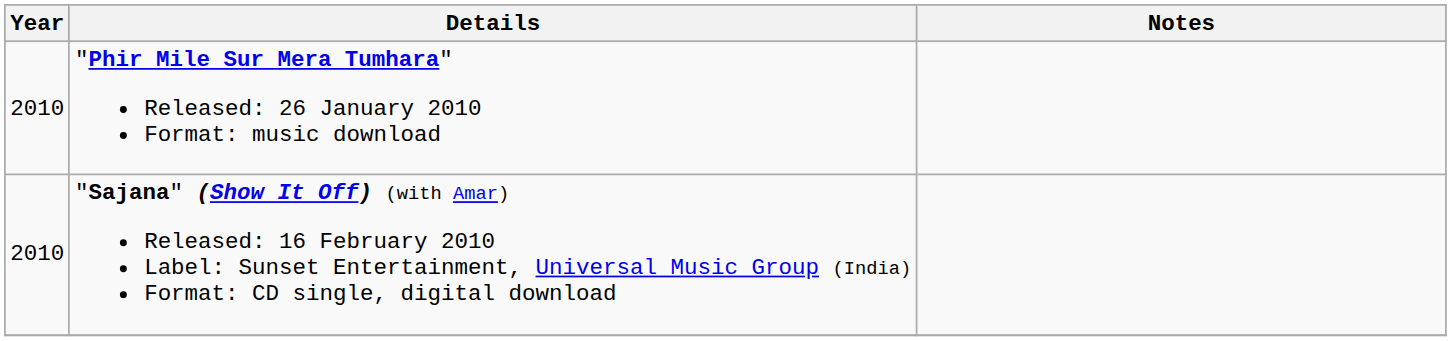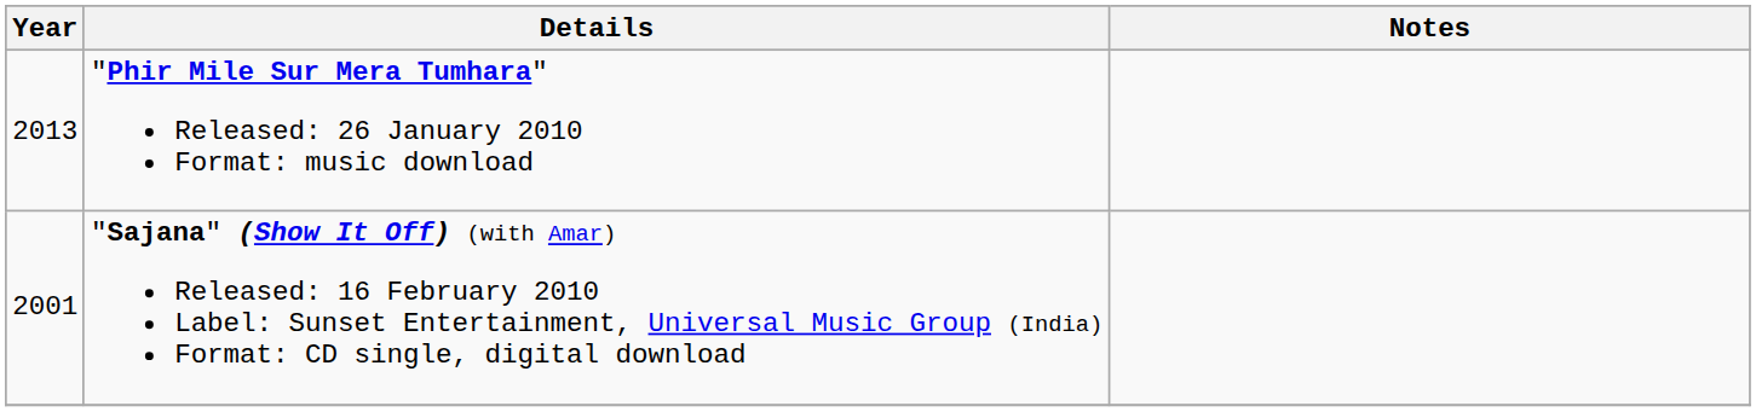 <table class="wikitable">
 <tr>
 <th>Year</th>
 <th>Details</th>
 <th class="unsortable" style="width: 300px;">Notes</th>
 </tr>
 <tr>
-<td>2010</td>
+<td>2013</td>
 <td>"<strong><a href='#'>Phir Mile Sur Mera Tumhara</a></strong>"<br><ul><li>Released: 26 January 2010</li><li>Format: music download</li></ul></td>
 <td></td>
 </tr>
 <tr>
-<td>2010</td>
+<td>2001</td>
 <td>"<strong>Sajana</strong>" <strong><em>(<a href='#'>Show It Off</a>)</em></strong> <small>(with <a href='#'>Amar</a>)</small><br><ul><li>Released: 16 February 2010</li><li>Label: Sunset Entertainment, <a href='#'>Universal Music Group</a> <small>(India)</small></li><li>Format: CD single, digital download</li></ul></td>
 <td></td>
 </tr>
 <tr>
 </tr>
 </table>
